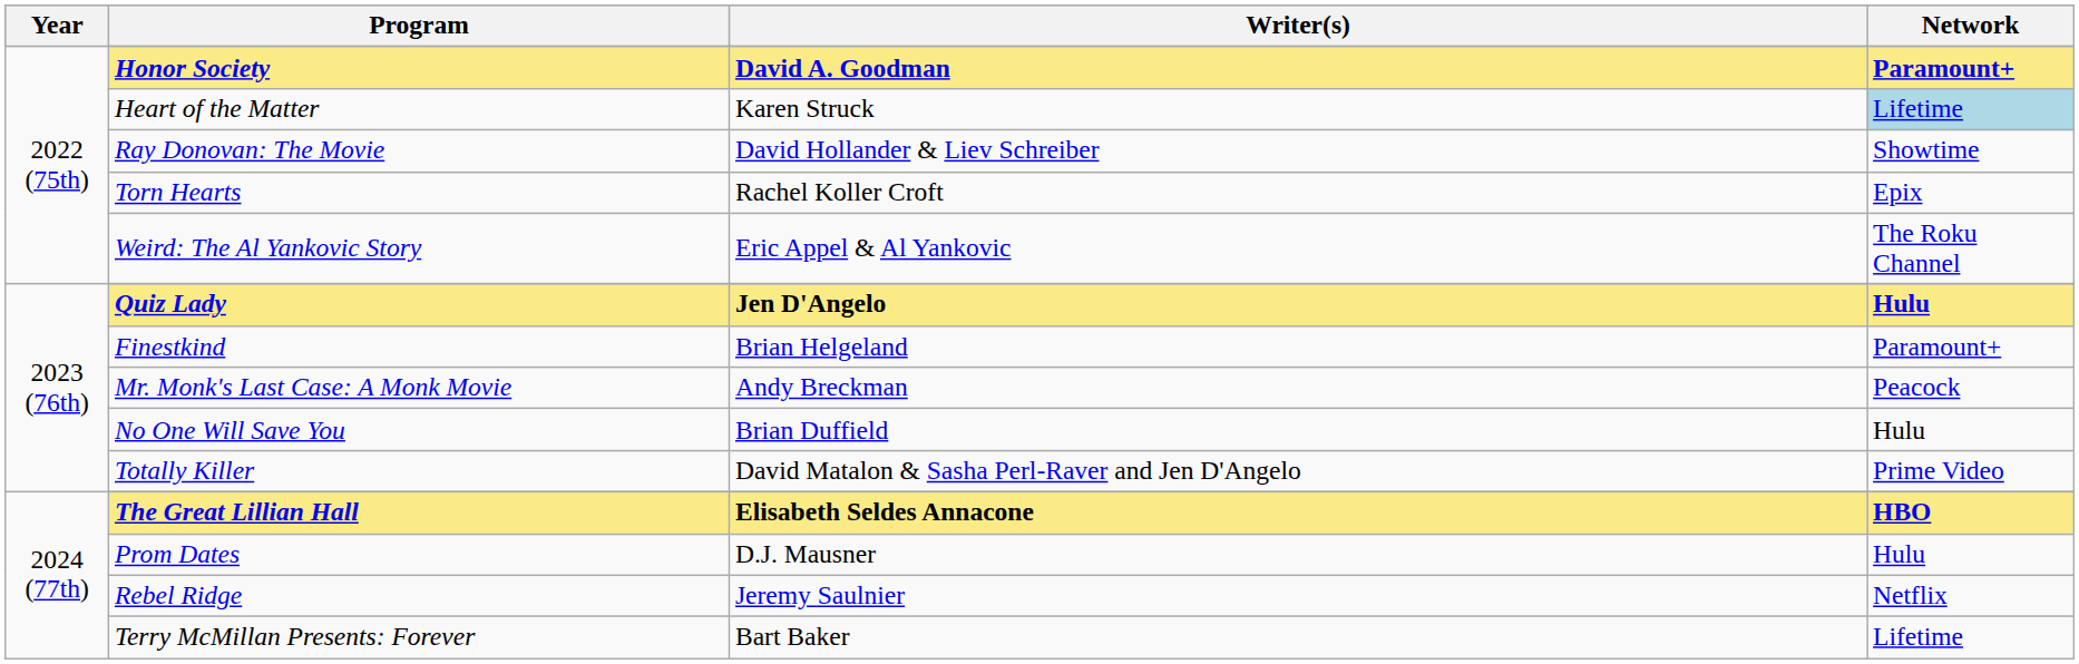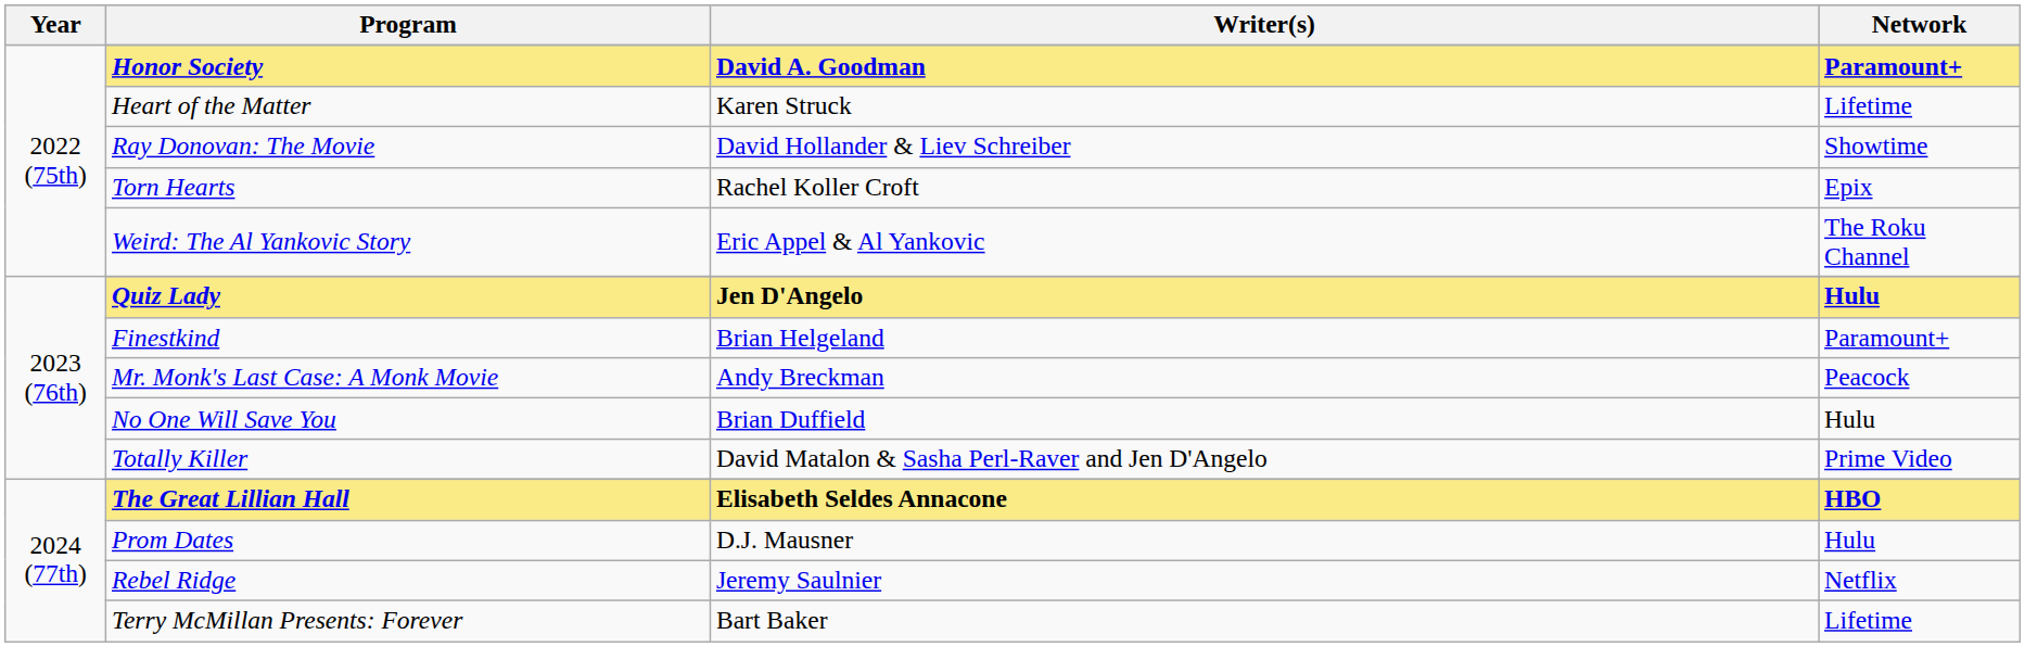 <table class="wikitable" style="width:100%">
 <tr bgcolor="#bebebe">
 <th width="5%">Year</th>
 <th width="30%">Program</th>
 <th width="55%">Writer(s)</th>
 <th width="10%">Network</th>
 </tr>
 <tr>
 <td rowspan="6" style="text-align:center">2022<br>(<a href='#'>75th</a>)<br></td>
 </tr>
 <tr style="background:#FAEB86">
 <td><strong><em><a href='#'>Honor Society</a></em></strong></td>
 <td><strong><a href='#'>David A. Goodman</a></strong></td>
 <td><strong><a href='#'>Paramount+</a></strong></td>
 </tr>
 <tr>
 <td><em>Heart of the Matter</em></td>
 <td>Karen Struck</td>
-<td style="background: lightblue;"><a href='#'>Lifetime</a></td>
+<td><a href='#'>Lifetime</a></td>
 </tr>
 <tr>
 <td><em><a href='#'>Ray Donovan: The Movie</a></em></td>
 <td><a href='#'>David Hollander</a> & <a href='#'>Liev Schreiber</a></td>
 <td><a href='#'>Showtime</a></td>
 </tr>
 <tr>
 <td><em><a href='#'>Torn Hearts</a></em></td>
 <td>Rachel Koller Croft</td>
 <td><a href='#'>Epix</a></td>
 </tr>
 <tr>
 <td><em><a href='#'>Weird: The Al Yankovic Story</a></em></td>
 <td><a href='#'>Eric Appel</a> & <a href='#'>Al Yankovic</a></td>
 <td><a href='#'>The Roku Channel</a></td>
 </tr>
 <tr>
 <td rowspan="6" style="text-align:center">2023<br>(<a href='#'>76th</a>)<br></td>
 </tr>
 <tr style="background:#FAEB86">
 <td><strong><em><a href='#'>Quiz Lady</a></em></strong></td>
 <td><strong>Jen D'Angelo</strong></td>
 <td><strong><a href='#'>Hulu</a></strong></td>
 </tr>
 <tr>
 <td><em><a href='#'>Finestkind</a></em></td>
 <td><a href='#'>Brian Helgeland</a></td>
 <td><a href='#'>Paramount+</a></td>
 </tr>
 <tr>
 <td><em><a href='#'>Mr. Monk's Last Case: A Monk Movie</a></em></td>
 <td><a href='#'>Andy Breckman</a></td>
 <td><a href='#'>Peacock</a></td>
 </tr>
 <tr>
 <td><em><a href='#'>No One Will Save You</a></em></td>
 <td><a href='#'>Brian Duffield</a></td>
 <td>Hulu</td>
 </tr>
 <tr>
 <td><em><a href='#'>Totally Killer</a></em></td>
 <td>David Matalon & <a href='#'>Sasha Perl-Raver</a> and Jen D'Angelo</td>
 <td><a href='#'>Prime Video</a></td>
 </tr>
 <tr>
 <td rowspan="5" style="text-align:center">2024<br>(<a href='#'>77th</a>)<br></td>
 </tr>
 <tr style="background:#FAEB86">
 <td><strong><em><a href='#'>The Great Lillian Hall</a></em></strong></td>
 <td><strong>Elisabeth Seldes Annacone</strong></td>
 <td><strong><a href='#'>HBO</a></strong></td>
 </tr>
 <tr>
 <td><em><a href='#'>Prom Dates</a></em></td>
 <td>D.J. Mausner</td>
 <td><a href='#'>Hulu</a></td>
 </tr>
 <tr>
 <td><em><a href='#'>Rebel Ridge</a></em></td>
 <td><a href='#'>Jeremy Saulnier</a></td>
 <td><a href='#'>Netflix</a></td>
 </tr>
 <tr>
 <td><em>Terry McMillan Presents: Forever</em></td>
 <td>Bart Baker</td>
 <td><a href='#'>Lifetime</a></td>
 </tr>
 </table>
